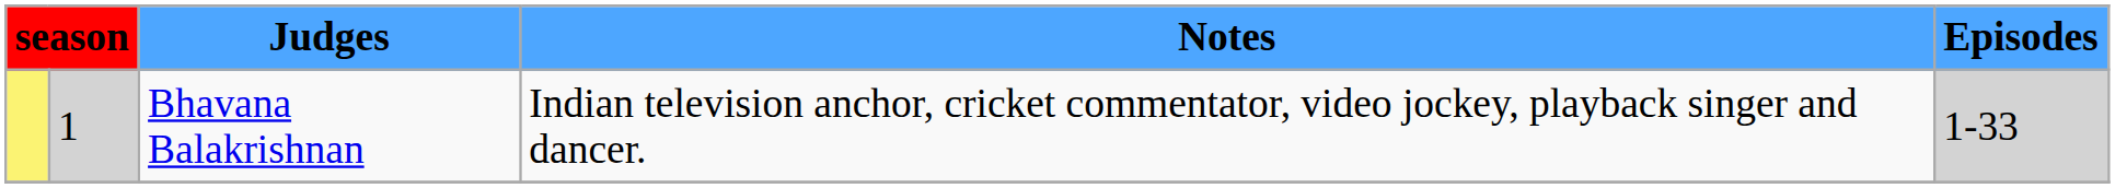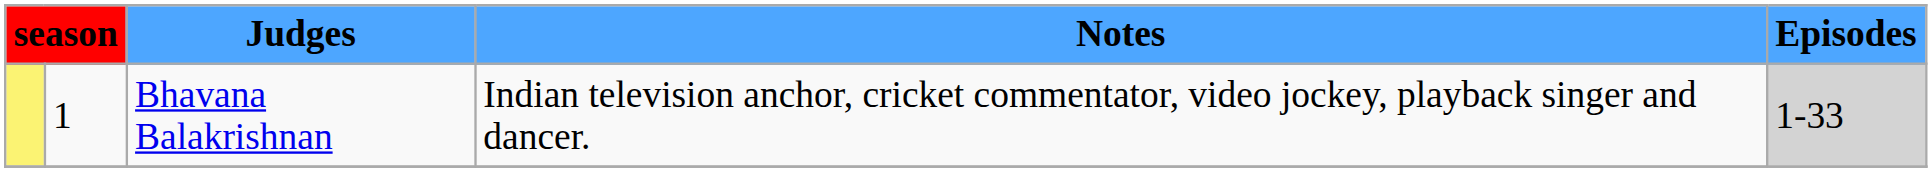 <table class="wikitable" width="65%">
 <tr>
 <th scope="col" style ="background: #FF0000;"style="background: #FF7F00 ;color:black"  colspan="2">season</th>
 <th scope="col" style ="background: #4da6ff;"style="background: #FF7F00 ;color:black">Judges</th>
 <th scope="col" style ="background: #4da6ff;"style="background: #FF7F00 ;color:black">Notes</th>
 <th scope="col" style ="background: #4da6ff;"style="background: #FF7F00 ;color:black">Episodes</th>
 </tr>
 <tr>
 <td style="background: #FBF373"></td>
-<td style="background: lightgrey;">1</td>
+<td>1</td>
 <td><a href='#'>Bhavana Balakrishnan</a></td>
 <td>Indian television anchor, cricket commentator, video jockey, playback singer and dancer.</td>
 <td style="background: lightgrey;">1-33</td>
 </tr>
 <tr>
 </tr>
 </table>
